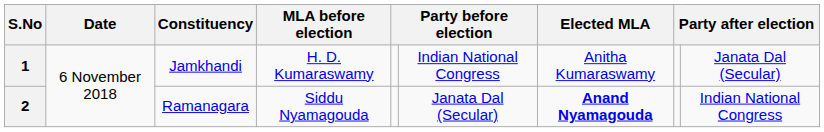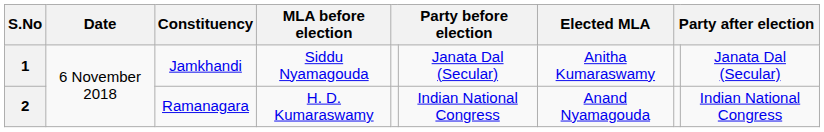 <table class="wikitable sortable" style="text-align:center;">
 <tr>
 <th>S.No</th>
 <th>Date</th>
 <th>Constituency</th>
 <th>MLA before election</th>
 <th colspan="2">Party before election</th>
 <th>Elected MLA</th>
 <th colspan="2">Party after election</th>
 </tr>
 <tr>
 <th>1</th>
 <td rowspan="2">6 November 2018</td>
 <td><a href='#'>Jamkhandi</a></td>
-<td><a href='#'>H. D. Kumaraswamy</a></td>
+<td><a href='#'>Siddu Nyamagouda</a></td>
 <td></td>
-<td><a href='#'>Indian National Congress</a></td>
+<td><a href='#'>Janata Dal (Secular)</a></td>
 <td><a href='#'>Anitha Kumaraswamy</a></td>
 <td></td>
 <td><a href='#'>Janata Dal (Secular)</a></td>
 </tr>
 <tr>
 <th>2</th>
 <td><a href='#'>Ramanagara</a></td>
-<td><a href='#'>Siddu Nyamagouda</a></td>
+<td><a href='#'>H. D. Kumaraswamy</a></td>
 <td></td>
-<td><a href='#'>Janata Dal (Secular)</a></td>
-<td><strong><a href='#'>Anand Nyamagouda</a></strong></td>
+<td><a href='#'>Indian National Congress</a></td>
+<td><a href='#'>Anand Nyamagouda</a></td>
 <td></td>
 <td><a href='#'>Indian National Congress</a></td>
 </tr>
 </table>
